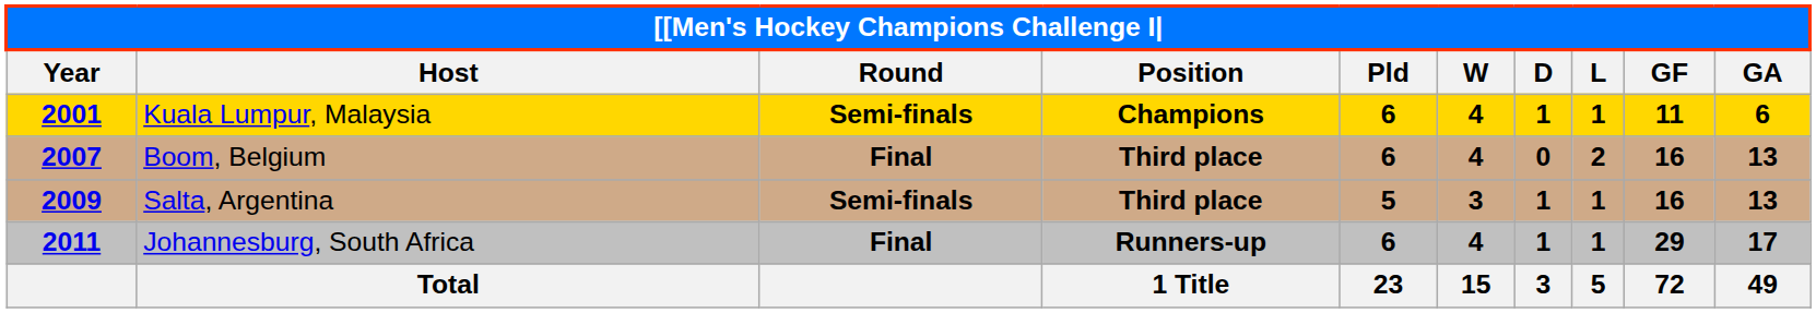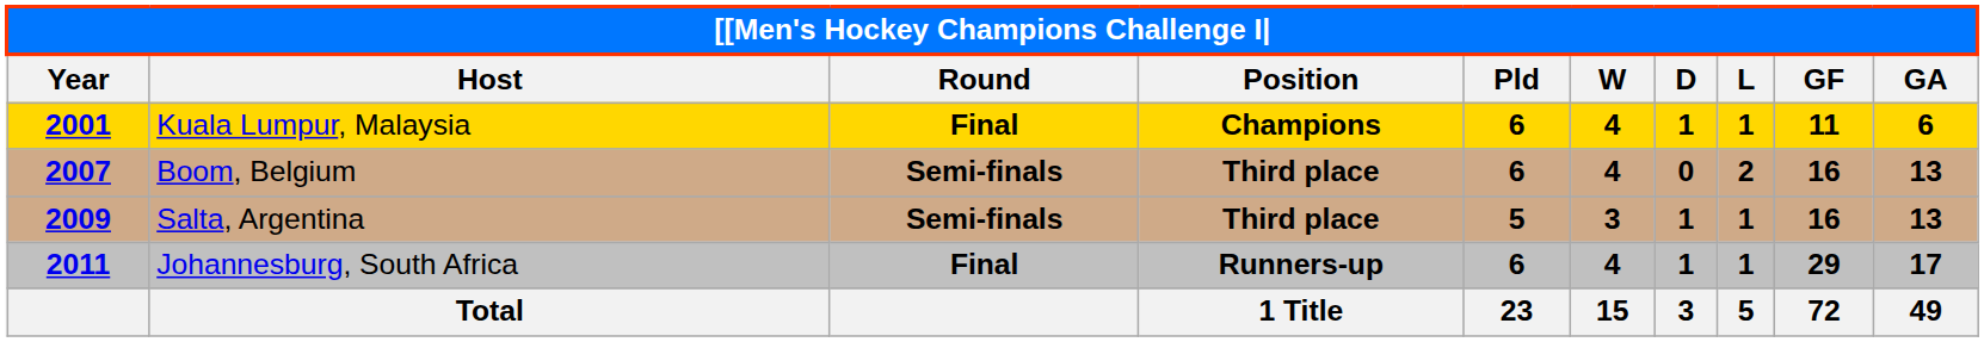 <table class="wikitable" style="text-align: center; width:85%">
 <tr>
 <th colspan=10 style="background: #0077FF;border: 2px solid #ff3300;color: #FFFFFF;">[[Men's Hockey Champions Challenge I|</th>
 </tr>
 <tr>
 <th>Year</th>
 <th>Host</th>
 <th>Round</th>
 <th>Position</th>
 <th>Pld</th>
 <th>W</th>
 <th>D</th>
 <th>L</th>
 <th>GF</th>
 <th>GA</th>
 </tr>
 <tr bgcolor=Gold>
 <td><strong><a href='#'>2001</a></strong></td>
 <td align=left> <a href='#'>Kuala Lumpur</a>, Malaysia</td>
-<td><strong>Semi-finals</strong></td>
+<td><strong>Final</strong></td>
 <td><strong>Champions</strong></td>
 <td><strong>6</strong></td>
 <td><strong>4</strong></td>
 <td><strong>1</strong></td>
 <td><strong>1</strong></td>
 <td><strong>11</strong></td>
 <td><strong>6</strong></td>
 </tr>
 <tr bgcolor=#CFAA88>
 <td><strong><a href='#'>2007</a></strong></td>
 <td align=left> <a href='#'>Boom</a>, Belgium</td>
-<td><strong>Final</strong></td>
+<td><strong>Semi-finals</strong></td>
 <td><strong>Third place</strong></td>
 <td><strong>6</strong></td>
 <td><strong>4</strong></td>
 <td><strong>0</strong></td>
 <td><strong>2</strong></td>
 <td><strong>16</strong></td>
 <td><strong>13</strong></td>
 </tr>
 <tr bgcolor=#CFAA88>
 <td><strong><a href='#'>2009</a></strong></td>
 <td align=left> <a href='#'>Salta</a>, Argentina</td>
 <td><strong>Semi-finals</strong></td>
 <td><strong>Third place</strong></td>
 <td><strong>5</strong></td>
 <td><strong>3</strong></td>
 <td><strong>1</strong></td>
 <td><strong>1</strong></td>
 <td><strong>16</strong></td>
 <td><strong>13</strong></td>
 </tr>
 <tr bgcolor=Silver>
 <td><strong><a href='#'>2011</a></strong></td>
 <td align=left> <a href='#'>Johannesburg</a>, South Africa</td>
 <td><strong>Final</strong></td>
 <td><strong>Runners-up</strong></td>
 <td><strong>6</strong></td>
 <td><strong>4</strong></td>
 <td><strong>1</strong></td>
 <td><strong>1</strong></td>
 <td><strong>29</strong></td>
 <td><strong>17</strong></td>
 </tr>
 <tr>
 <th></th>
 <th>Total</th>
 <th></th>
 <th>1 Title</th>
 <th>23</th>
 <th>15</th>
 <th>3</th>
 <th>5</th>
 <th>72</th>
 <th>49</th>
 </tr>
 </table>
